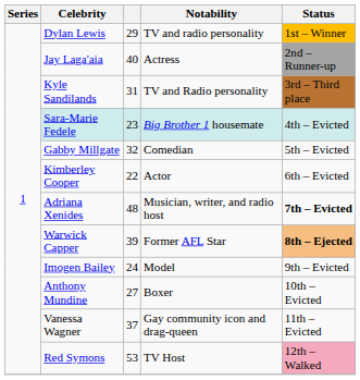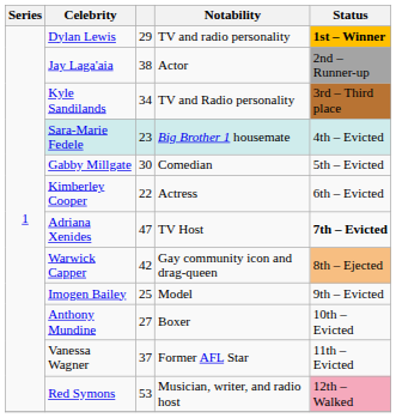 <table class="wikitable sortable" style="whitespace:no wrap; width:75%">
 <tr>
 <th bgcolor="#efefef">Series</th>
 <th bgcolor="#efefef">Celebrity</th>
 <th bgcolor="#efefef"></th>
 <th bgcolor="#efefef">Notability</th>
 <th bgcolor="#efefef">Status</th>
 </tr>
 <tr>
 <td rowspan="12" align="center"><a href='#'>1</a></td>
 <td><a href='#'>Dylan Lewis</a></td>
 <td>29</td>
 <td>TV and radio personality</td>
-<td style="background:#FFBF00;">1st – Winner</td>
+<td style="background:#FFBF00;"><strong>1st – Winner</strong></td>
 </tr>
 <tr>
 <td><a href='#'>Jay Laga'aia</a></td>
-<td>40</td>
-<td>Actress</td>
+<td>38</td>
+<td>Actor</td>
 <td style="background:#A4A4A4;">2nd – Runner-up</td>
 </tr>
 <tr>
 <td><a href='#'>Kyle Sandilands</a></td>
-<td>31</td>
+<td>34</td>
 <td>TV and Radio personality</td>
 <td style="background:#B87333;">3rd – Third place</td>
 </tr>
 <tr>
 <td style="background:#CFECEC;"><a href='#'>Sara-Marie Fedele</a></td>
 <td style="background:#CFECEC;">23</td>
 <td style="background:#CFECEC;"><em><a href='#'>Big Brother 1</a></em> housemate</td>
 <td style="background:#CFECEC;">4th – Evicted</td>
 </tr>
 <tr>
 <td><a href='#'>Gabby Millgate</a></td>
-<td>32</td>
+<td>30</td>
 <td>Comedian</td>
 <td>5th – Evicted</td>
 </tr>
 <tr>
 <td><a href='#'>Kimberley Cooper</a></td>
 <td>22</td>
-<td>Actor</td>
+<td>Actress</td>
 <td>6th – Evicted</td>
 </tr>
 <tr>
 <td><a href='#'>Adriana Xenides</a></td>
-<td>48</td>
-<td>Musician, writer, and radio host</td>
+<td>47</td>
+<td>TV Host</td>
 <td><strong>7th – Evicted</strong></td>
 </tr>
 <tr>
 <td><a href='#'>Warwick Capper</a></td>
-<td>39</td>
-<td>Former <a href='#'>AFL</a> Star</td>
-<td style="background:#F7BE81;"><strong>8th – Ejected</strong></td>
+<td>42</td>
+<td>Gay community icon and drag-queen</td>
+<td style="background:#F7BE81;">8th – Ejected</td>
 </tr>
 <tr>
 <td><a href='#'>Imogen Bailey</a></td>
-<td>24</td>
+<td>25</td>
 <td>Model</td>
 <td>9th – Evicted</td>
 </tr>
 <tr>
 <td><a href='#'>Anthony Mundine</a></td>
 <td>27</td>
 <td>Boxer</td>
 <td>10th – Evicted</td>
 </tr>
 <tr>
 <td>Vanessa Wagner</td>
 <td>37</td>
-<td>Gay community icon and drag-queen</td>
+<td>Former <a href='#'>AFL</a> Star</td>
 <td>11th – Evicted</td>
 </tr>
 <tr>
 <td><a href='#'>Red Symons</a></td>
 <td>53</td>
-<td>TV Host</td>
+<td>Musician, writer, and radio host</td>
 <td style="background:#F5A9BC;">12th – Walked</td>
 </tr>
 <tr>
 </tr>
 </table>
